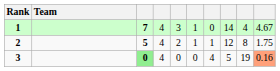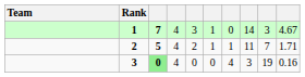 <table class="wikitable" style="text-align: center;">
 <tr>
+<th style="width:165px; text-align:left;">Team</th>
 <th width=30>Rank</th>
-<th style="width:165px; text-align:left;">Team</th>
 <th width=20></th>
 <th width=20></th>
 <th width=20></th>
 <th width=20></th>
 <th width=20></th>
 <th width=20></th>
 <th width=20></th>
 <th width=20></th>
 </tr>
 <tr style="background:#cfc;">
+<td style="text-align:left;"></td>
 <td><strong>1</strong></td>
-<td style="text-align:left;"></td>
 <td><strong>7</strong></td>
 <td>4</td>
 <td>3</td>
 <td>1</td>
 <td>0</td>
 <td>14</td>
-<td>4</td>
+<td>3</td>
 <td>4.67</td>
 </tr>
 <tr>
+<td style="text-align:left;"></td>
 <td><strong>2</strong></td>
-<td style="text-align:left;"></td>
 <td><strong>5</strong></td>
 <td>4</td>
 <td>2</td>
 <td>1</td>
 <td>1</td>
-<td>12</td>
-<td>8</td>
-<td>1.75</td>
+<td>11</td>
+<td>7</td>
+<td>1.71</td>
 </tr>
 <tr>
+<td style="text-align:left;"></td>
 <td><strong>3</strong></td>
-<td style="text-align:left;"></td>
 <td style="background: lightgreen;"><strong>0</strong></td>
 <td>4</td>
 <td>0</td>
 <td>0</td>
 <td>4</td>
-<td>5</td>
+<td>3</td>
 <td>19</td>
-<td style="background: lightsalmon;">0.16</td>
+<td>0.16</td>
 </tr>
 </table>
